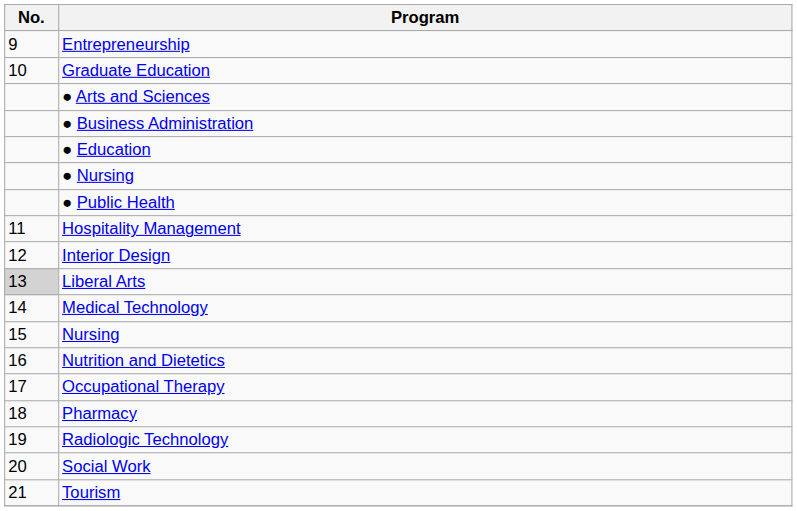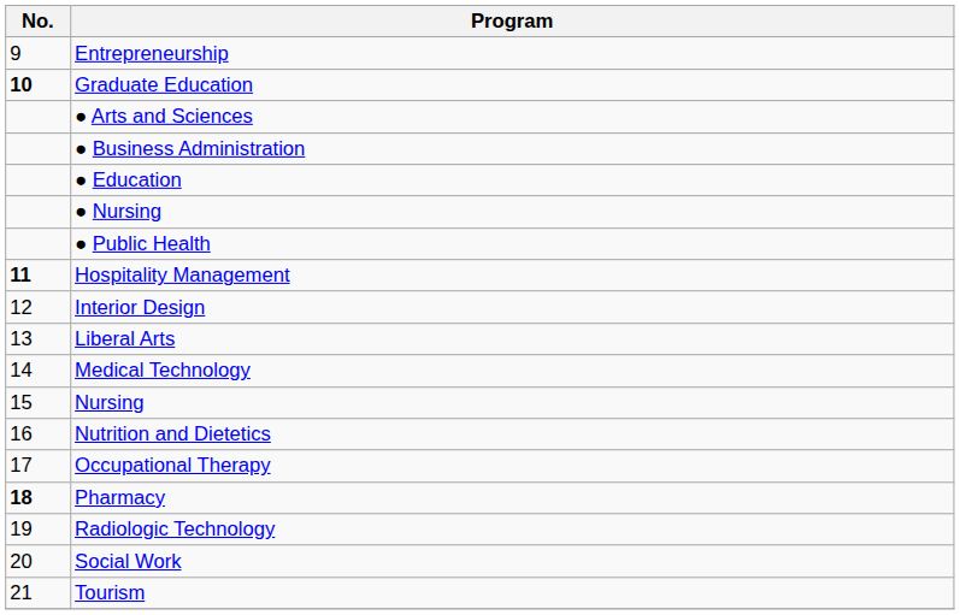 <table class="wikitable" style="margin: 1em auto 1em auto;width:60%;">
 <tr>
 <th style="width:1%;">No.</th>
 <th style="width:27%;">Program</th>
 </tr>
 <tr bgcolor=#ADD8E6>
 </tr>
 <tr>
 <td>9</td>
 <td><a href='#'>Entrepreneurship</a></td>
 </tr>
 <tr>
-<td>10</td>
+<td><strong>10</strong></td>
 <td><a href='#'>Graduate Education</a></td>
 </tr>
 <tr>
 <td></td>
 <td>● <a href='#'>Arts and Sciences</a></td>
 </tr>
 <tr>
 <td></td>
 <td>● <a href='#'>Business Administration</a></td>
 </tr>
 <tr>
 <td></td>
 <td>● <a href='#'>Education</a></td>
 </tr>
 <tr>
 <td></td>
 <td>● <a href='#'>Nursing</a></td>
 </tr>
 <tr>
 <td></td>
 <td>● <a href='#'>Public Health</a></td>
 </tr>
 <tr>
-<td>11</td>
+<td><strong>11</strong></td>
 <td><a href='#'>Hospitality Management</a></td>
 </tr>
 <tr>
 <td>12</td>
 <td><a href='#'>Interior Design</a></td>
 </tr>
 <tr>
-<td style="background: lightgrey;">13</td>
+<td>13</td>
 <td><a href='#'>Liberal Arts</a></td>
 </tr>
 <tr>
 <td>14</td>
 <td><a href='#'>Medical Technology</a></td>
 </tr>
 <tr>
 <td>15</td>
 <td><a href='#'>Nursing</a></td>
 </tr>
 <tr>
 <td>16</td>
 <td><a href='#'>Nutrition and Dietetics</a></td>
 </tr>
 <tr>
 <td>17</td>
 <td><a href='#'>Occupational Therapy</a></td>
 </tr>
 <tr>
-<td>18</td>
+<td><strong>18</strong></td>
 <td><a href='#'>Pharmacy</a></td>
 </tr>
 <tr>
 <td>19</td>
 <td><a href='#'>Radiologic Technology</a></td>
 </tr>
 <tr>
 <td>20</td>
 <td><a href='#'>Social Work</a></td>
 </tr>
 <tr>
 <td>21</td>
 <td><a href='#'>Tourism</a></td>
 </tr>
 <tr>
 </tr>
 </table>
